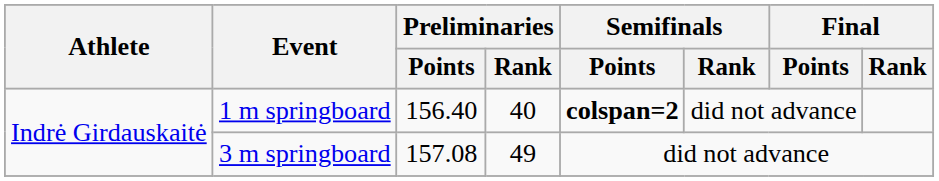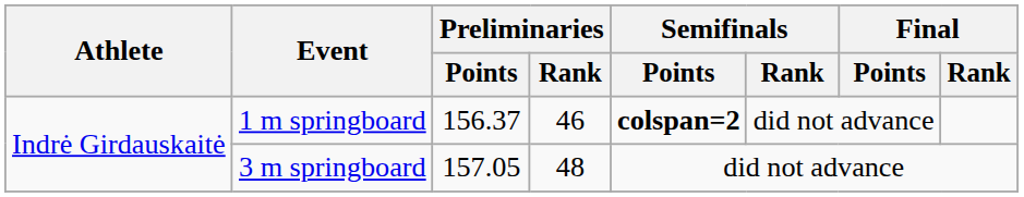 <table class=wikitable style="font-size:90%;">
 <tr>
 <th rowspan="2">Athlete</th>
 <th rowspan="2">Event</th>
 <th colspan="2">Preliminaries</th>
 <th colspan="2">Semifinals</th>
 <th colspan="2">Final</th>
 </tr>
 <tr style="font-size:95%">
 <th>Points</th>
 <th>Rank</th>
 <th>Points</th>
 <th>Rank</th>
 <th>Points</th>
 <th>Rank</th>
 </tr>
 <tr align=center>
 <td align=left rowspan="2"><a href='#'>Indrė Girdauskaitė</a></td>
 <td align=left><a href='#'>1 m springboard</a></td>
-<td>156.40</td>
-<td>40</td>
+<td>156.37</td>
+<td>46</td>
 <td><strong>colspan=2 </strong></td>
 <td colspan=2>did not advance</td>
 </tr>
 <tr align=center>
 <td align=left><a href='#'>3 m springboard</a></td>
-<td>157.08</td>
-<td>49</td>
+<td>157.05</td>
+<td>48</td>
 <td colspan=4>did not advance</td>
 </tr>
 </table>
